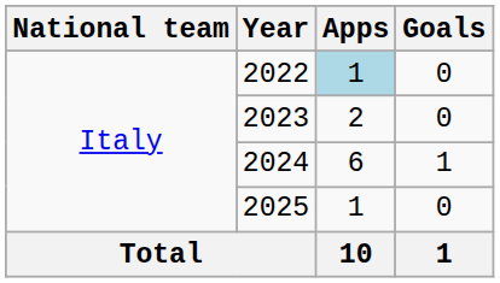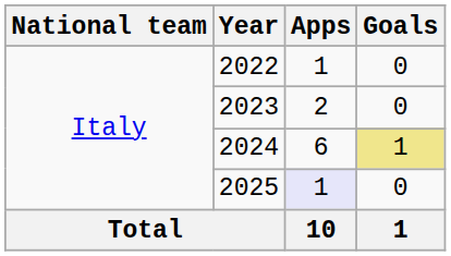 <table class = "wikitable" style = "text-align:center">
 <tr>
 <th>National team</th>
 <th>Year</th>
 <th>Apps</th>
 <th>Goals</th>
 </tr>
 <tr>
 <td rowspan=4><a href='#'>Italy</a></td>
 <td>2022</td>
-<td style="background: lightblue;">1</td>
+<td>1</td>
 <td>0</td>
 </tr>
 <tr>
 <td>2023</td>
 <td>2</td>
 <td>0</td>
 </tr>
 <tr>
 <td>2024</td>
 <td>6</td>
-<td>1</td>
+<td style="background: khaki;">1</td>
 </tr>
 <tr>
 <td>2025</td>
-<td>1</td>
+<td style="background: lavender;">1</td>
 <td>0</td>
 </tr>
 <tr>
 <th colspan=2>Total</th>
 <th>10</th>
 <th>1</th>
 </tr>
 </table>
